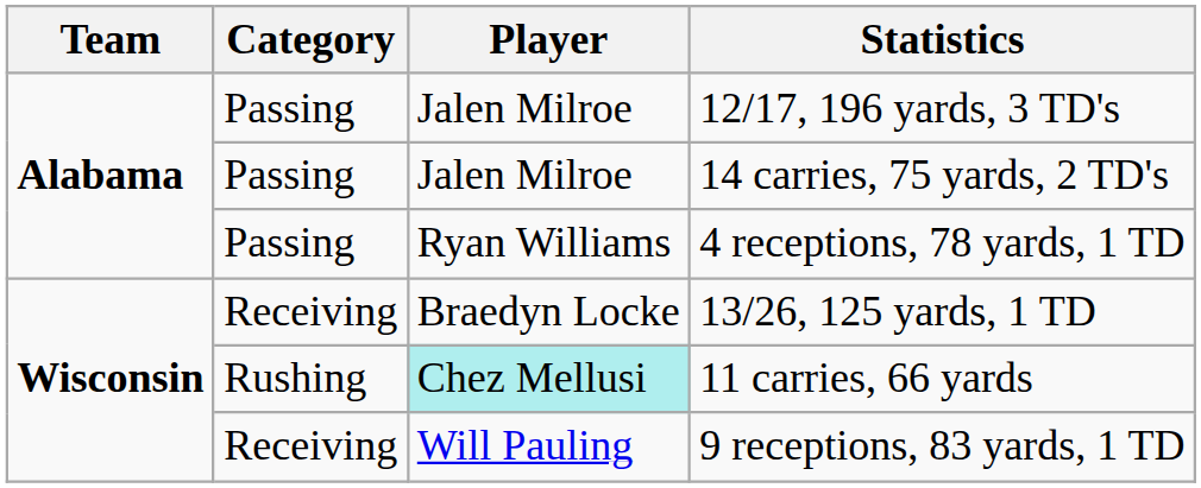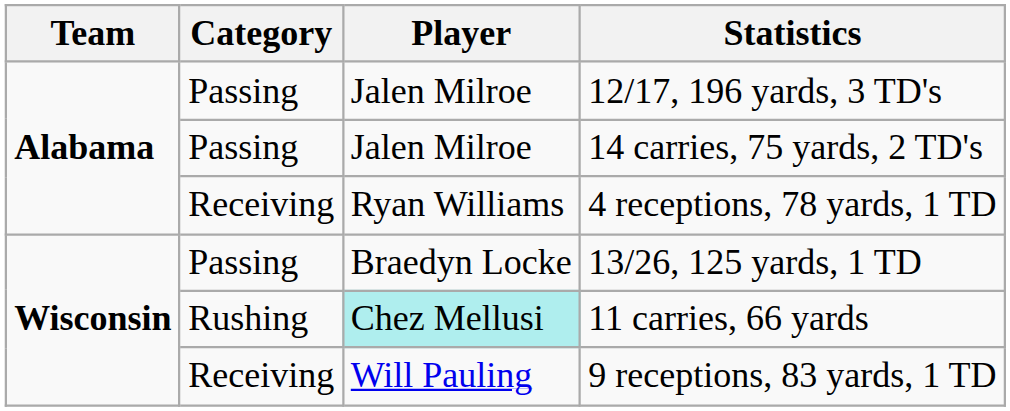 <table class="wikitable" style="float: right;">
 <tr>
 <th>Team</th>
 <th>Category</th>
 <th>Player</th>
 <th>Statistics</th>
 </tr>
 <tr>
 <td rowspan=3><strong>Alabama</strong></td>
 <td>Passing</td>
 <td>Jalen Milroe</td>
 <td>12/17, 196 yards, 3 TD's</td>
 </tr>
 <tr>
 <td>Passing</td>
 <td>Jalen Milroe</td>
 <td>14 carries, 75 yards, 2 TD's</td>
 </tr>
 <tr>
-<td>Passing</td>
+<td>Receiving</td>
 <td>Ryan Williams</td>
 <td>4 receptions, 78 yards, 1 TD</td>
 </tr>
 <tr>
 <td rowspan=3><strong>Wisconsin</strong></td>
-<td>Receiving</td>
+<td>Passing</td>
 <td>Braedyn Locke</td>
 <td>13/26, 125 yards, 1 TD</td>
 </tr>
 <tr>
 <td>Rushing</td>
 <td style="background: paleturquoise;">Chez Mellusi</td>
 <td>11 carries, 66 yards</td>
 </tr>
 <tr>
 <td>Receiving</td>
 <td><a href='#'>Will Pauling</a></td>
 <td>9 receptions, 83 yards, 1 TD</td>
 </tr>
 </table>
